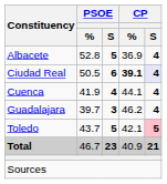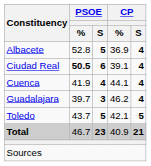 <table class="wikitable sortable" style="text-align:right; line-height:20px;">
 <tr>
 <th rowspan="3">Constituency</th>
 <th colspan="2" width="30px" class="unsortable"><a href='#'>PSOE</a></th>
 <th colspan="2" width="30px" class="unsortable"><a href='#'>CP</a></th>
 </tr>
 <tr>
 <th colspan="2" style="background:"></th>
 <th colspan="2" style="background:"></th>
 </tr>
 <tr>
 <th data-sort-type="number">%</th>
 <th data-sort-type="number">S</th>
 <th data-sort-type="number">%</th>
 <th data-sort-type="number">S</th>
 </tr>
 <tr>
 <td align="left"><a href='#'>Albacete</a></td>
 <td style="background:">52.8</td>
 <td><strong>5</strong></td>
 <td>36.9</td>
 <td><strong>4</strong></td>
 </tr>
 <tr>
 <td align="left"><a href='#'>Ciudad Real</a></td>
-<td style="background:">50.5</td>
+<td style="background:"><strong>50.5</strong></td>
 <td><strong>6</strong></td>
-<td><strong>39.1</strong></td>
-<td style="background: lavender;"><strong>4</strong></td>
+<td>39.1</td>
+<td><strong>4</strong></td>
 </tr>
 <tr>
 <td align="left"><a href='#'>Cuenca</a></td>
 <td>41.9</td>
 <td><strong>4</strong></td>
 <td style="background:">44.1</td>
 <td><strong>4</strong></td>
 </tr>
 <tr>
 <td align="left"><a href='#'>Guadalajara</a></td>
 <td>39.7</td>
 <td><strong>3</strong></td>
 <td style="background:">46.2</td>
 <td><strong>4</strong></td>
 </tr>
 <tr>
 <td align="left"><a href='#'>Toledo</a></td>
 <td style="background:">43.7</td>
 <td><strong>5</strong></td>
 <td>42.1</td>
-<td style="background: pink;"><strong>5</strong></td>
+<td><strong>5</strong></td>
 </tr>
 <tr style="background:#CDCDCD;">
 <td align="left"><strong>Total</strong></td>
 <td style="background:">46.7</td>
 <td><strong>23</strong></td>
 <td>40.9</td>
 <td><strong>21</strong></td>
 </tr>
 <tr>
 <th colspan="5"></th>
 </tr>
 <tr>
 <th style="text-align:left; font-weight:normal; background:#F9F9F9" colspan="5">Sources</th>
 </tr>
 </table>
